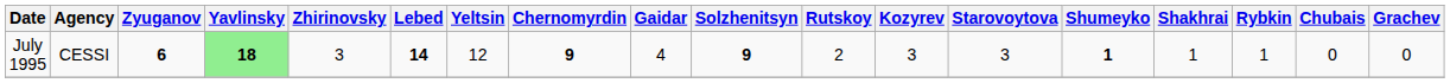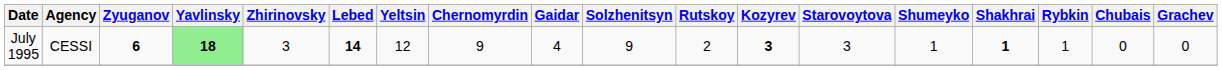 <table class=wikitable style=text-align:center>
 <tr>
 <th>Date</th>
 <th>Agency</th>
 <th><a href='#'>Zyuganov</a></th>
 <th><a href='#'>Yavlinsky</a></th>
 <th><a href='#'>Zhirinovsky</a></th>
 <th><a href='#'>Lebed</a></th>
 <th><a href='#'>Yeltsin</a></th>
 <th><a href='#'>Chernomyrdin</a></th>
 <th><a href='#'>Gaidar</a></th>
 <th><a href='#'>Solzhenitsyn</a></th>
 <th><a href='#'>Rutskoy</a></th>
 <th><a href='#'>Kozyrev</a></th>
 <th><a href='#'>Starovoytova</a></th>
 <th><a href='#'>Shumeyko</a></th>
 <th><a href='#'>Shakhrai</a></th>
 <th><a href='#'>Rybkin</a></th>
 <th><a href='#'>Chubais</a></th>
 <th><a href='#'>Grachev</a></th>
 </tr>
 <tr>
 <td>July 1995</td>
 <td>CESSI</td>
 <td><strong>6</strong></td>
 <td style="background:#90ee90"><strong>18</strong></td>
 <td>3</td>
 <td><strong>14</strong></td>
 <td>12</td>
-<td><strong>9</strong></td>
+<td>9</td>
 <td>4</td>
-<td><strong>9</strong></td>
+<td>9</td>
 <td>2</td>
+<td><strong>3</strong></td>
 <td>3</td>
-<td>3</td>
+<td>1</td>
 <td><strong>1</strong></td>
-<td>1</td>
 <td>1</td>
 <td>0</td>
 <td>0</td>
 </tr>
 <tr>
 </tr>
 </table>
